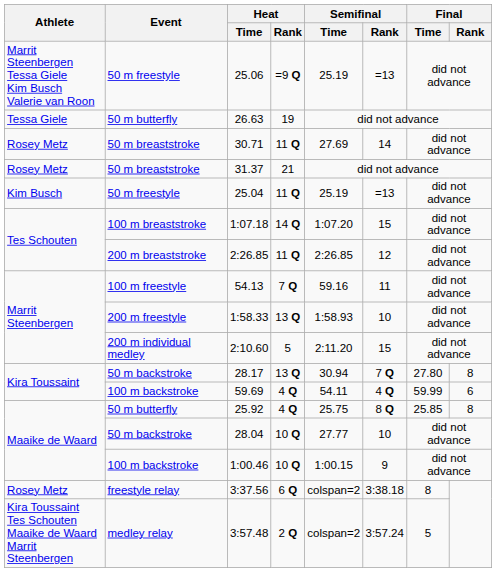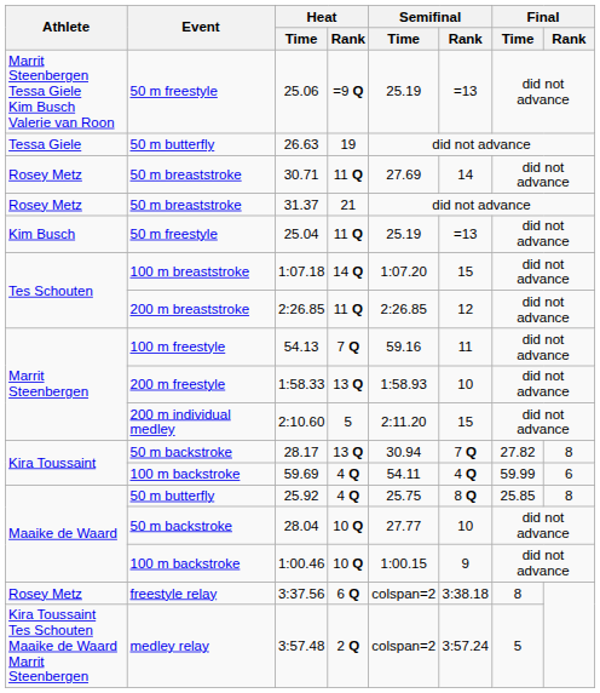 <table class="wikitable" style="font-size:90%;">
 <tr>
 <th rowspan="2">Athlete</th>
 <th rowspan="2">Event</th>
 <th colspan="2">Heat</th>
 <th colspan="2">Semifinal</th>
 <th colspan="2">Final</th>
 </tr>
 <tr>
 <th>Time</th>
 <th>Rank</th>
 <th>Time</th>
 <th>Rank</th>
 <th>Time</th>
 <th>Rank</th>
 </tr>
 <tr align="center">
 <td rowspan="1" align="left"><a href='#'>Marrit Steenbergen</a><br><a href='#'>Tessa Giele</a><br><a href='#'>Kim Busch</a><br><a href='#'>Valerie van Roon</a></td>
 <td align="left"><a href='#'>50 m freestyle</a></td>
 <td>25.06</td>
 <td>=9 <strong>Q</strong></td>
 <td>25.19</td>
 <td>=13</td>
 <td colspan=2>did not advance</td>
 </tr>
 <tr align="center">
 <td rowspan="1" align="left"><a href='#'>Tessa Giele</a></td>
 <td align="left"><a href='#'>50 m butterfly</a></td>
 <td>26.63</td>
 <td>19</td>
 <td colspan=4>did not advance</td>
 </tr>
 <tr align="center">
 <td rowspan="1" align="left"><a href='#'>Rosey Metz</a></td>
 <td align="left"><a href='#'>50 m breaststroke</a></td>
 <td>30.71</td>
 <td>11 <strong>Q</strong></td>
 <td>27.69</td>
 <td>14</td>
 <td colspan=2>did not advance</td>
 </tr>
 <tr align="center">
 <td rowspan="1" align="left"><a href='#'>Rosey Metz</a></td>
 <td align="left"><a href='#'>50 m breaststroke</a></td>
 <td>31.37</td>
 <td>21</td>
 <td colspan=4>did not advance</td>
 </tr>
 <tr align="center">
 <td rowspan="1" align="left"><a href='#'>Kim Busch</a></td>
 <td align="left"><a href='#'>50 m freestyle</a></td>
 <td>25.04</td>
 <td>11 <strong>Q</strong></td>
 <td>25.19</td>
 <td>=13</td>
 <td colspan=2>did not advance</td>
 </tr>
 <tr align="center">
 <td rowspan="2" align="left"><a href='#'>Tes Schouten</a></td>
 <td align="left"><a href='#'>100 m breaststroke</a></td>
 <td>1:07.18</td>
 <td>14 <strong>Q</strong></td>
 <td>1:07.20</td>
 <td>15</td>
 <td colspan=2>did not advance</td>
 </tr>
 <tr align="center">
 <td align="left"><a href='#'>200 m breaststroke</a></td>
 <td>2:26.85</td>
 <td>11 <strong>Q</strong></td>
 <td>2:26.85</td>
 <td>12</td>
 <td colspan=2>did not advance</td>
 </tr>
 <tr align="center">
 <td rowspan="3" align="left"><a href='#'>Marrit Steenbergen</a></td>
 <td align="left"><a href='#'>100 m freestyle</a></td>
 <td>54.13</td>
 <td>7 <strong>Q</strong></td>
 <td>59.16</td>
 <td>11</td>
 <td colspan=2>did not advance</td>
 </tr>
 <tr align="center">
 <td align="left"><a href='#'>200 m freestyle</a></td>
 <td>1:58.33</td>
 <td>13 <strong>Q</strong></td>
 <td>1:58.93</td>
 <td>10</td>
 <td colspan=2>did not advance</td>
 </tr>
 <tr align="center">
 <td align="left"><a href='#'>200 m individual medley</a></td>
 <td>2:10.60</td>
 <td>5</td>
 <td>2:11.20</td>
 <td>15</td>
 <td colspan=2>did not advance</td>
 </tr>
 <tr align="center">
 <td rowspan="2" align="left"><a href='#'>Kira Toussaint</a></td>
 <td align="left"><a href='#'>50 m backstroke</a></td>
 <td>28.17</td>
 <td>13 <strong>Q</strong></td>
 <td>30.94</td>
 <td>7 <strong>Q</strong></td>
-<td>27.80</td>
+<td>27.82</td>
 <td>8</td>
 </tr>
 <tr align="center">
 <td align="left"><a href='#'>100 m backstroke</a></td>
 <td>59.69</td>
 <td>4 <strong>Q</strong></td>
 <td>54.11</td>
 <td>4 <strong>Q</strong></td>
 <td>59.99</td>
 <td>6</td>
 </tr>
 <tr align="center">
 <td rowspan="3" align="left"><a href='#'>Maaike de Waard</a></td>
 <td align="left"><a href='#'>50 m butterfly</a></td>
 <td>25.92</td>
 <td>4 <strong>Q</strong></td>
 <td>25.75</td>
 <td>8 <strong>Q</strong></td>
 <td>25.85</td>
 <td>8</td>
 </tr>
 <tr align="center">
 <td align="left"><a href='#'>50 m backstroke</a></td>
 <td>28.04</td>
 <td>10 <strong>Q</strong></td>
 <td>27.77</td>
 <td>10</td>
 <td colspan=2>did not advance</td>
 </tr>
 <tr align="center">
 <td align="left"><a href='#'>100 m backstroke</a></td>
 <td>1:00.46</td>
 <td>10 <strong>Q</strong></td>
 <td>1:00.15</td>
 <td>9</td>
 <td colspan=2>did not advance</td>
 </tr>
 <tr align="center">
 <td rowspan="1" align="left"><a href='#'>Rosey Metz</a></td>
 <td align="left"><a href='#'> freestyle relay</a></td>
 <td>3:37.56</td>
 <td>6 <strong>Q</strong></td>
 <td>colspan=2 </td>
 <td>3:38.18</td>
 <td>8</td>
 </tr>
 <tr align="center">
 <td rowspan="1" align="left"><a href='#'>Kira Toussaint</a><br><a href='#'>Tes Schouten</a><br><a href='#'>Maaike de Waard</a><br><a href='#'>Marrit Steenbergen</a></td>
 <td align="left"><a href='#'> medley relay</a></td>
 <td>3:57.48</td>
 <td>2 <strong>Q</strong></td>
 <td>colspan=2 </td>
 <td>3:57.24</td>
 <td>5</td>
 </tr>
 </table>
